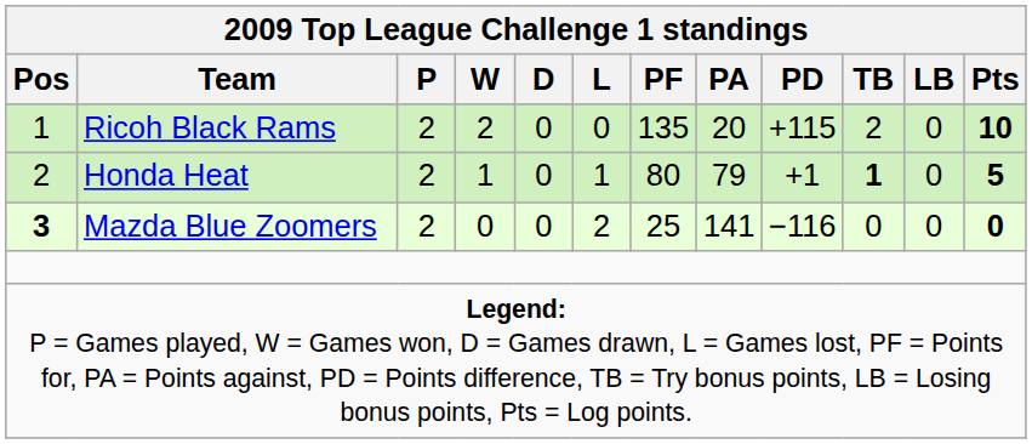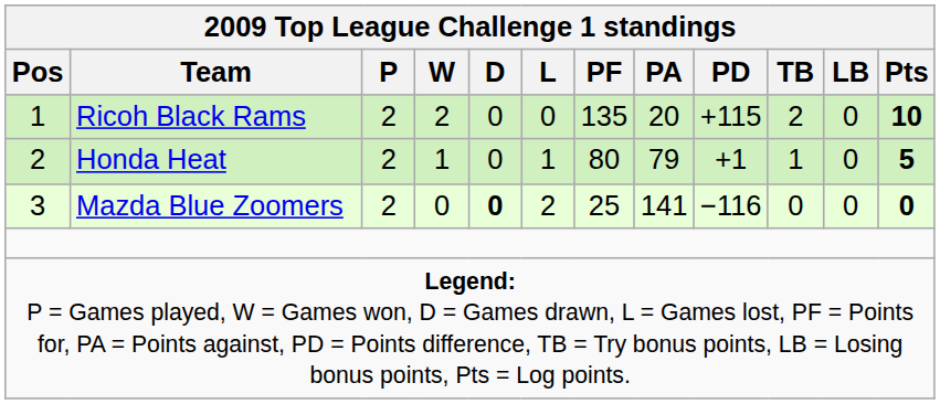 <table class="wikitable" style="text-align:center; font-size:100%; width:60%;">
 <tr>
 <th colspan="100%" cellpadding="0" cellspacing="0"><strong>2009 Top League Challenge 1 standings</strong></th>
 </tr>
 <tr>
 <th style="width:6%;">Pos</th>
 <th style="width:34%;">Team</th>
 <th style="width:6%;">P</th>
 <th style="width:6%;">W</th>
 <th style="width:6%;">D</th>
 <th style="width:6%;">L</th>
 <th style="width:6%;">PF</th>
 <th style="width:6%;">PA</th>
 <th style="width:6%;">PD</th>
 <th style="width:6%;">TB</th>
 <th style="width:6%;">LB</th>
 <th style="width:6%;">Pts<br></th>
 </tr>
 <tr style="background:#D0F0C0;">
 <td>1</td>
 <td style="text-align:left;"><a href='#'>Ricoh Black Rams</a></td>
 <td>2</td>
 <td>2</td>
 <td>0</td>
 <td>0</td>
 <td>135</td>
 <td>20</td>
 <td>+115</td>
 <td>2</td>
 <td>0</td>
 <td><strong>10</strong></td>
 </tr>
 <tr style="background:#D0F0C0;">
 <td>2</td>
 <td style="text-align:left;"><a href='#'>Honda Heat</a></td>
 <td>2</td>
 <td>1</td>
 <td>0</td>
 <td>1</td>
 <td>80</td>
 <td>79</td>
 <td>+1</td>
-<td><strong>1</strong></td>
+<td>1</td>
 <td>0</td>
 <td><strong>5</strong></td>
 </tr>
 <tr style="background:#E8FFD8;">
-<td><strong>3</strong></td>
+<td>3</td>
 <td style="text-align:left;"><a href='#'>Mazda Blue Zoomers</a></td>
 <td>2</td>
 <td>0</td>
-<td>0</td>
+<td><strong>0</strong></td>
 <td>2</td>
 <td>25</td>
 <td>141</td>
 <td>−116</td>
 <td>0</td>
 <td>0</td>
 <td><strong>0</strong></td>
 </tr>
 <tr>
 <td colspan="100%" style="height:10px;"></td>
 </tr>
 <tr>
 <td colspan="100%"><small><strong>Legend:</strong> <br> P = Games played, W = Games won, D = Games drawn, L = Games lost, PF = Points for, PA = Points against, PD = Points difference, TB = Try bonus points, LB = Losing bonus points, Pts = Log points.</small></td>
 </tr>
 </table>
